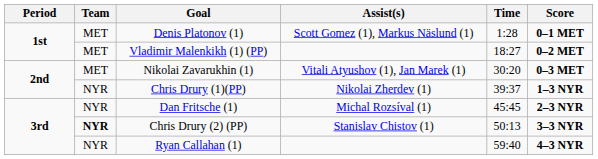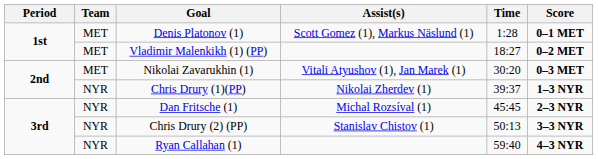 <table class="wikitable" style="width:90%; text-align:center;">
 <tr>
 <th width="12%">Period</th>
 <th width="7%">Team</th>
 <th width="28%">Goal</th>
 <th width="35%">Assist(s)</th>
 <th width="7%">Time</th>
 <th width="11%">Score</th>
 </tr>
 <tr>
 <td rowspan="2"><strong>1st</strong></td>
 <td>MET</td>
 <td><a href='#'>Denis Platonov</a> (1)</td>
 <td><a href='#'>Scott Gomez</a> (1), <a href='#'>Markus Näslund</a> (1)</td>
 <td>1:28</td>
 <td><strong>0–1 MET</strong></td>
 </tr>
 <tr>
 <td>MET</td>
 <td><a href='#'>Vladimir Malenkikh</a> (1) (<a href='#'>PP</a>)</td>
 <td></td>
 <td>18:27</td>
 <td><strong>0–2 MET</strong></td>
 </tr>
 <tr>
 <td align=center rowspan="2"><strong>2nd</strong></td>
 <td>MET</td>
 <td>Nikolai Zavarukhin (1)</td>
 <td><a href='#'>Vitali Atyushov</a> (1), <a href='#'>Jan Marek</a> (1)</td>
 <td>30:20</td>
 <td><strong>0–3 MET</strong></td>
 </tr>
 <tr>
 <td>NYR</td>
 <td><a href='#'>Chris Drury</a> (1)(<a href='#'>PP</a>)</td>
 <td><a href='#'>Nikolai Zherdev</a> (1)</td>
 <td>39:37</td>
 <td><strong>1–3 NYR</strong></td>
 </tr>
 <tr>
 <td align=center rowspan="3"><strong>3rd</strong></td>
 <td>NYR</td>
 <td><a href='#'>Dan Fritsche</a> (1)</td>
 <td><a href='#'>Michal Rozsíval</a> (1)</td>
 <td>45:45</td>
 <td><strong>2–3 NYR</strong></td>
 </tr>
 <tr>
-<td><strong>NYR</strong></td>
+<td>NYR</td>
 <td>Chris Drury (2) (PP)</td>
 <td><a href='#'>Stanislav Chistov</a> (1)</td>
 <td>50:13</td>
 <td><strong>3–3 NYR</strong></td>
 </tr>
 <tr>
 <td>NYR</td>
 <td><a href='#'>Ryan Callahan</a> (1)</td>
 <td></td>
 <td>59:40</td>
 <td><strong>4–3 NYR</strong></td>
 </tr>
 </table>
